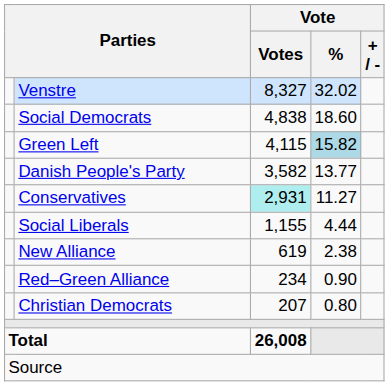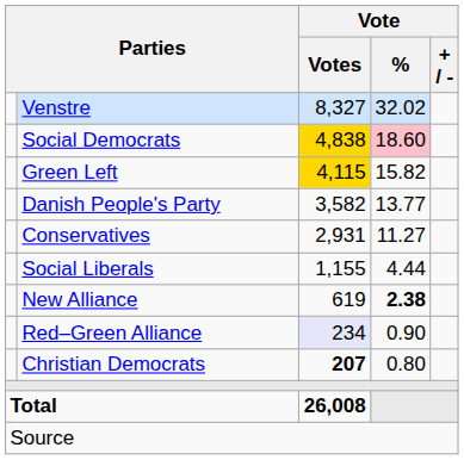 <table class="wikitable" style="text-align:right;">
 <tr>
 <th style="text-align:centre;" rowspan="2" colspan="2" width="225">Parties</th>
 <th colspan="3">Vote</th>
 </tr>
 <tr>
 <th width="15">Votes</th>
 <th width="15">%</th>
 <th width="15">+ / -</th>
 </tr>
 <tr>
 <td width="2" style="color:inherit;background:"></td>
 <td bgcolor=#cfe5fe  align="left"><a href='#'>Venstre</a></td>
 <td bgcolor=#cfe5fe>8,327</td>
 <td bgcolor=#cfe5fe>32.02</td>
 <td></td>
 </tr>
 <tr>
 <td width="2" style="color:inherit;background:"></td>
 <td align="left"><a href='#'>Social Democrats</a></td>
-<td>4,838</td>
-<td>18.60</td>
+<td style="background: gold;">4,838</td>
+<td style="background: pink;">18.60</td>
 <td></td>
 </tr>
 <tr>
 <td width="2" style="color:inherit;background:"></td>
 <td align="left"><a href='#'>Green Left</a></td>
-<td>4,115</td>
-<td style="background: lightblue;">15.82</td>
+<td style="background: gold;">4,115</td>
+<td>15.82</td>
 <td></td>
 </tr>
 <tr>
 <td width="2" style="color:inherit;background:"></td>
 <td align="left"><a href='#'>Danish People's Party</a></td>
 <td>3,582</td>
 <td>13.77</td>
 <td></td>
 </tr>
 <tr>
 <td width="2" style="color:inherit;background:"></td>
 <td align="left"><a href='#'>Conservatives</a></td>
-<td style="background: paleturquoise;">2,931</td>
+<td>2,931</td>
 <td>11.27</td>
 <td></td>
 </tr>
 <tr>
 <td width="2" style="color:inherit;background:"></td>
 <td align="left"><a href='#'>Social Liberals</a></td>
 <td>1,155</td>
 <td>4.44</td>
 <td></td>
 </tr>
 <tr>
 <td width="2" style="color:inherit;background:"></td>
 <td align="left"><a href='#'>New Alliance</a></td>
 <td>619</td>
-<td>2.38</td>
+<td><strong>2.38</strong></td>
 <td></td>
 </tr>
 <tr>
 <td width="2" style="color:inherit;background:"></td>
 <td align="left"><a href='#'>Red–Green Alliance</a></td>
-<td>234</td>
+<td style="background: lavender;">234</td>
 <td>0.90</td>
 <td></td>
 </tr>
 <tr>
 <td width="2" style="color:inherit;background:"></td>
 <td align="left"><a href='#'>Christian Democrats</a></td>
-<td>207</td>
+<td><strong>207</strong></td>
 <td>0.80</td>
 <td></td>
 </tr>
 <tr>
 <td colspan="7" bgcolor="#E9E9E9"></td>
 </tr>
 <tr>
 <td align="left" colspan="2"><strong>Total</strong></td>
 <td><strong>26,008</strong></td>
 <td bgcolor="#E9E9E9" colspan="2"></td>
 </tr>
 <tr>
 <td align="left" colspan="6">Source</td>
 </tr>
 </table>
